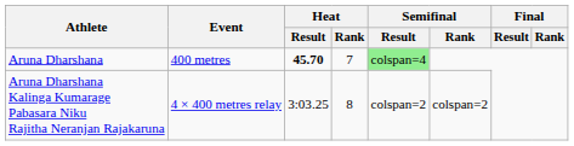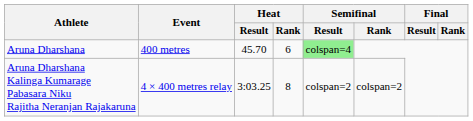 <table class="wikitable" style="font-size:90%">
 <tr>
 <th rowspan="2">Athlete</th>
 <th rowspan="2">Event</th>
 <th colspan="2">Heat</th>
 <th colspan="2">Semifinal</th>
 <th colspan="2">Final</th>
 </tr>
 <tr style="font-size:95%">
 <th>Result</th>
 <th>Rank</th>
 <th>Result</th>
 <th>Rank</th>
 <th>Result</th>
 <th>Rank</th>
 </tr>
 <tr align=center>
 <td align=left><a href='#'>Aruna Dharshana</a></td>
 <td align=left><a href='#'>400 metres</a></td>
-<td><strong>45.70</strong></td>
-<td>7</td>
+<td>45.70</td>
+<td>6</td>
 <td style="background: lightgreen;">colspan=4 </td>
 </tr>
 <tr align=center>
 <td align=left><a href='#'>Aruna Dharshana</a><br><a href='#'>Kalinga Kumarage</a><br><a href='#'>Pabasara Niku</a><br><a href='#'>Rajitha Neranjan Rajakaruna</a></td>
 <td align=left><a href='#'>4 × 400 metres relay</a></td>
 <td>3:03.25</td>
 <td>8</td>
 <td>colspan=2</td>
 <td>colspan=2 </td>
 </tr>
 </table>
